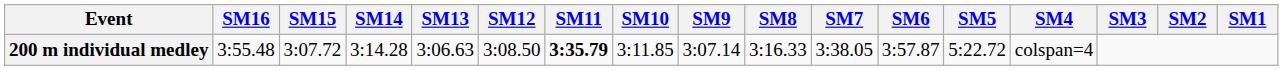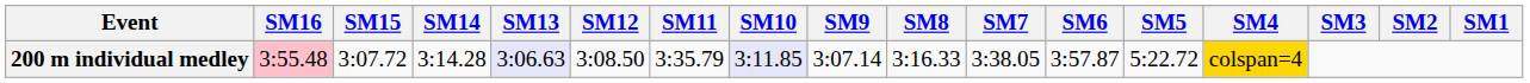 <table class="wikitable plainrowheaders" style="text-align:right">
 <tr>
 <th scope="col">Event</th>
 <th scope="col"><a href='#'>SM16</a></th>
 <th scope="col"><a href='#'>SM15</a></th>
 <th scope="col"><a href='#'>SM14</a></th>
 <th scope="col"><a href='#'>SM13</a></th>
 <th scope="col"><a href='#'>SM12</a></th>
 <th scope="col"><a href='#'>SM11</a></th>
 <th scope="col"><a href='#'>SM10</a></th>
 <th scope="col"><a href='#'>SM9</a></th>
 <th scope="col"><a href='#'>SM8</a></th>
 <th scope="col"><a href='#'>SM7</a></th>
 <th scope="col"><a href='#'>SM6</a></th>
 <th scope="col"><a href='#'>SM5</a></th>
 <th scope="col" style="width:43px;"><a href='#'>SM4</a></th>
 <th scope="col" style="width:43px;"><a href='#'>SM3</a></th>
 <th scope="col" style="width:43px;"><a href='#'>SM2</a></th>
 <th scope="col" style="width:43px;"><a href='#'>SM1</a></th>
 </tr>
 <tr>
 <th scope="row">200 m individual medley</th>
-<td>3:55.48</td>
+<td style="background: pink;">3:55.48</td>
 <td>3:07.72</td>
 <td>3:14.28</td>
-<td>3:06.63</td>
+<td style="background: lavender;">3:06.63</td>
 <td>3:08.50</td>
-<td><strong>3:35.79</strong></td>
-<td>3:11.85</td>
+<td>3:35.79</td>
+<td style="background: lavender;">3:11.85</td>
 <td>3:07.14</td>
 <td>3:16.33</td>
 <td>3:38.05</td>
 <td>3:57.87</td>
 <td>5:22.72</td>
-<td>colspan=4 </td>
+<td style="background: gold;">colspan=4 </td>
 </tr>
 </table>
